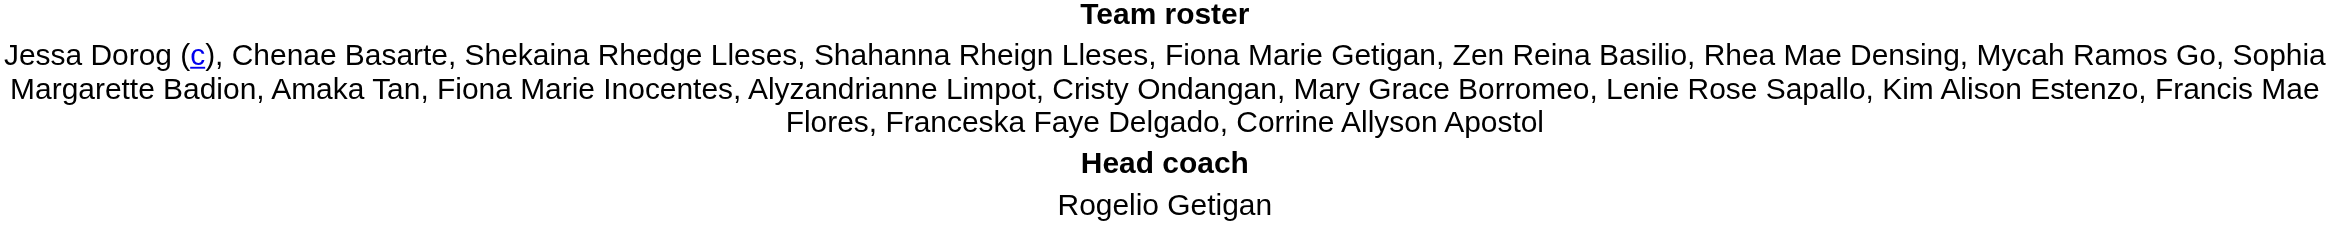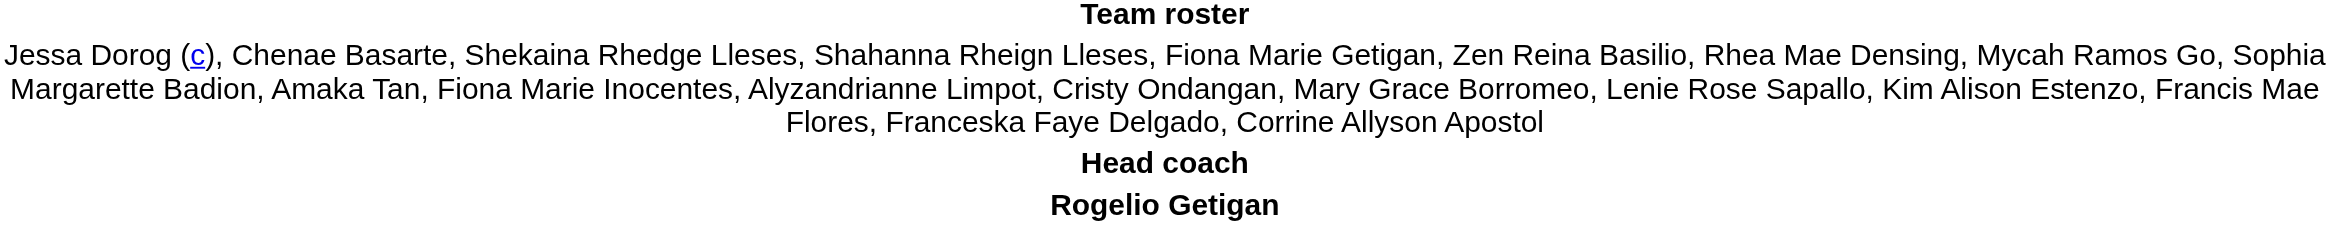 <table style="text-align:center; margin-top:2em; margin-left:auto; margin-right:auto">
 <tr>
 <td><strong>Team roster</strong></td>
 </tr>
 <tr>
 <td>Jessa Dorog (<a href='#'>c</a>), Chenae Basarte, Shekaina Rhedge Lleses, Shahanna Rheign Lleses, Fiona Marie Getigan, Zen Reina Basilio, Rhea Mae Densing, Mycah Ramos Go, Sophia Margarette Badion, Amaka Tan, Fiona Marie Inocentes, Alyzandrianne Limpot, Cristy Ondangan, Mary Grace Borromeo, Lenie Rose Sapallo, Kim Alison Estenzo, Francis Mae Flores, Franceska Faye Delgado, Corrine Allyson Apostol</td>
 </tr>
 <tr>
 <td><strong>Head coach</strong></td>
 </tr>
 <tr>
-<td>Rogelio Getigan</td>
+<td><strong>Rogelio Getigan</strong></td>
 </tr>
 </table>
